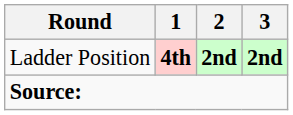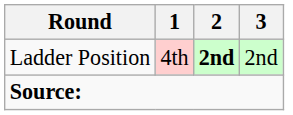 <table class="wikitable">
 <tr>
 <th>Round</th>
 <th>1</th>
 <th>2</th>
 <th>3</th>
 </tr>
 <tr>
 <td>Ladder Position</td>
-<td style="text-align:center; background:#FFCFCF"><strong>4th</strong></td>
+<td style="text-align:center; background:#FFCFCF">4th</td>
 <td style="text-align:center; background:#cfc;"><strong>2nd</strong></td>
-<td style="text-align:center; background:#cfc;"><strong>2nd</strong></td>
+<td style="text-align:center; background:#cfc;">2nd</td>
 </tr>
 <tr>
 <td colspan="4"><strong>Source:</strong> </td>
 </tr>
 </table>
